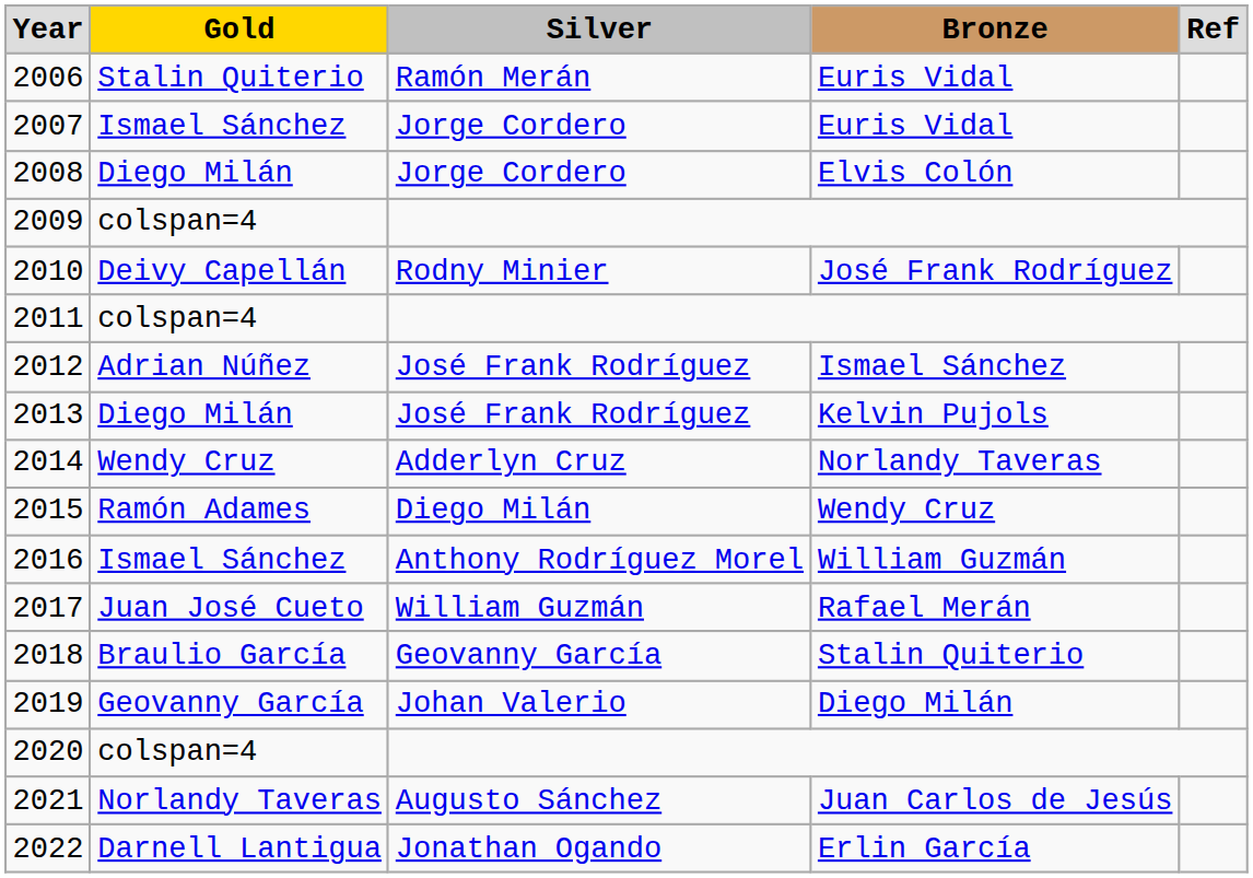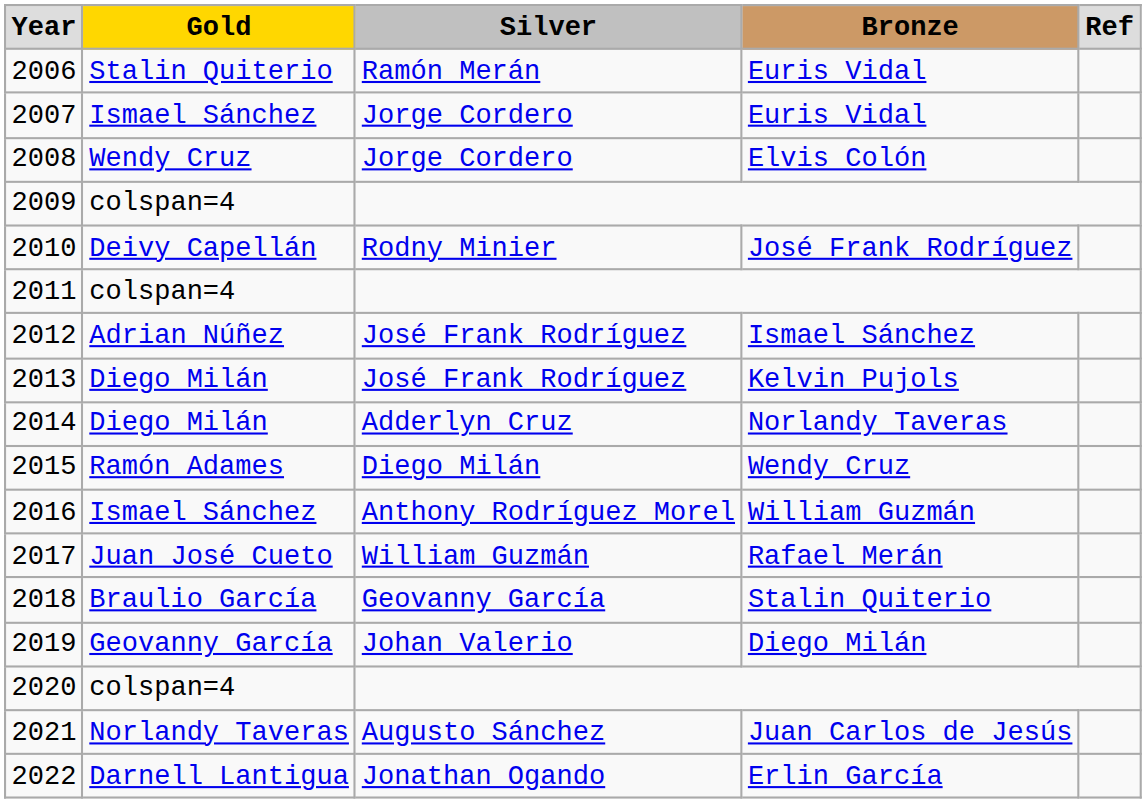 <table class="wikitable" style="text-align:left;">
 <tr>
 <td style="background:#DDDDDD; font-weight:bold; text-align:center;">Year</td>
 <td style="background:gold; font-weight:bold; text-align:center;">Gold</td>
 <td style="background:silver; font-weight:bold; text-align:center;">Silver</td>
 <td style="background:#cc9966; font-weight:bold; text-align:center;">Bronze</td>
 <td style="background:#DDDDDD; font-weight:bold; text-align:center;">Ref</td>
 </tr>
 <tr>
 <td>2006</td>
 <td><a href='#'>Stalin Quiterio</a></td>
 <td><a href='#'>Ramón Merán</a></td>
 <td><a href='#'>Euris Vidal</a></td>
 <td></td>
 </tr>
 <tr>
 <td>2007</td>
 <td><a href='#'>Ismael Sánchez</a></td>
 <td><a href='#'>Jorge Cordero</a></td>
 <td><a href='#'>Euris Vidal</a></td>
 <td></td>
 </tr>
 <tr>
 <td>2008</td>
-<td><a href='#'>Diego Milán</a></td>
+<td><a href='#'>Wendy Cruz</a></td>
 <td><a href='#'>Jorge Cordero</a></td>
 <td><a href='#'>Elvis Colón</a></td>
 <td></td>
 </tr>
 <tr>
 <td>2009</td>
 <td>colspan=4 </td>
 </tr>
 <tr>
 <td>2010</td>
 <td><a href='#'>Deivy Capellán</a></td>
 <td><a href='#'>Rodny Minier</a></td>
 <td><a href='#'>José Frank Rodríguez</a></td>
 <td></td>
 </tr>
 <tr>
 <td>2011</td>
 <td>colspan=4 </td>
 </tr>
 <tr>
 <td>2012</td>
 <td><a href='#'>Adrian Núñez</a></td>
 <td><a href='#'>José Frank Rodríguez</a></td>
 <td><a href='#'>Ismael Sánchez</a></td>
 <td></td>
 </tr>
 <tr>
 <td>2013</td>
 <td><a href='#'>Diego Milán</a></td>
 <td><a href='#'>José Frank Rodríguez</a></td>
 <td><a href='#'>Kelvin Pujols</a></td>
 <td></td>
 </tr>
 <tr>
 <td>2014</td>
-<td><a href='#'>Wendy Cruz</a></td>
+<td><a href='#'>Diego Milán</a></td>
 <td><a href='#'>Adderlyn Cruz</a></td>
 <td><a href='#'>Norlandy Taveras</a></td>
 <td></td>
 </tr>
 <tr>
 <td>2015</td>
 <td><a href='#'>Ramón Adames</a></td>
 <td><a href='#'>Diego Milán</a></td>
 <td><a href='#'>Wendy Cruz</a></td>
 <td></td>
 </tr>
 <tr>
 <td>2016</td>
 <td><a href='#'>Ismael Sánchez</a></td>
 <td><a href='#'>Anthony Rodríguez Morel</a></td>
 <td><a href='#'>William Guzmán</a></td>
 <td></td>
 </tr>
 <tr>
 <td>2017</td>
 <td><a href='#'>Juan José Cueto</a></td>
 <td><a href='#'>William Guzmán</a></td>
 <td><a href='#'>Rafael Merán</a></td>
 <td></td>
 </tr>
 <tr>
 <td>2018</td>
 <td><a href='#'>Braulio García</a></td>
 <td><a href='#'>Geovanny García</a></td>
 <td><a href='#'>Stalin Quiterio</a></td>
 <td></td>
 </tr>
 <tr>
 <td>2019</td>
 <td><a href='#'>Geovanny García</a></td>
 <td><a href='#'>Johan Valerio</a></td>
 <td><a href='#'>Diego Milán</a></td>
 <td></td>
 </tr>
 <tr>
 <td>2020</td>
 <td>colspan=4 </td>
 </tr>
 <tr>
 <td>2021</td>
 <td><a href='#'>Norlandy Taveras</a></td>
 <td><a href='#'>Augusto Sánchez</a></td>
 <td><a href='#'>Juan Carlos de Jesús</a></td>
 <td></td>
 </tr>
 <tr>
 <td>2022</td>
 <td><a href='#'>Darnell Lantigua</a></td>
 <td><a href='#'>Jonathan Ogando</a></td>
 <td><a href='#'>Erlin García</a></td>
 <td></td>
 </tr>
 </table>
